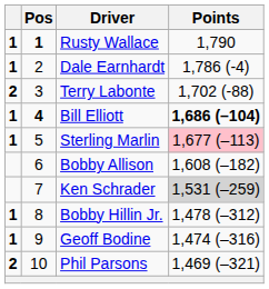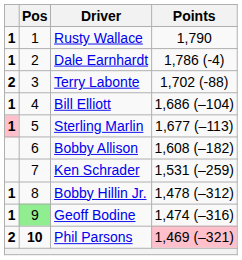 <table class="wikitable" style="font-size: 95%;">
 <tr>
 <th></th>
 <th>Pos</th>
 <th>Driver</th>
 <th>Points</th>
 </tr>
 <tr>
 <td align="left">  <strong>1</strong></td>
-<td style="text-align:center;"><strong>1</strong></td>
+<td style="text-align:center;">1</td>
 <td><a href='#'>Rusty Wallace</a></td>
 <td style="text-align:center;">1,790</td>
 </tr>
 <tr>
 <td align="left">  <strong>1</strong></td>
 <td style="text-align:center;">2</td>
 <td><a href='#'>Dale Earnhardt</a></td>
 <td style="text-align:center;">1,786 (-4)</td>
 </tr>
 <tr>
 <td align="left">  <strong>2</strong></td>
 <td style="text-align:center;">3</td>
 <td><a href='#'>Terry Labonte</a></td>
 <td style="text-align:center;">1,702 (-88)</td>
 </tr>
 <tr>
 <td align="left">  <strong>1</strong></td>
-<td style="text-align:center;"><strong>4</strong></td>
+<td style="text-align:center;">4</td>
 <td><a href='#'>Bill Elliott</a></td>
-<td style="text-align:center;"><strong>1,686 (–104)</strong></td>
+<td style="text-align:center;">1,686 (–104)</td>
 </tr>
 <tr>
-<td align="left">  <strong>1</strong></td>
+<td align="left" style="background: pink;">  <strong>1</strong></td>
 <td style="text-align:center;">5</td>
 <td><a href='#'>Sterling Marlin</a></td>
-<td style="background: pink; text-align:center;">1,677 (–113)</td>
+<td style="text-align:center;">1,677 (–113)</td>
 </tr>
 <tr>
 <td align="left"></td>
 <td style="text-align:center;">6</td>
 <td><a href='#'>Bobby Allison</a></td>
 <td style="text-align:center;">1,608 (–182)</td>
 </tr>
 <tr>
 <td align="left"></td>
 <td style="text-align:center;">7</td>
 <td><a href='#'>Ken Schrader</a></td>
-<td style="background: lightgrey; text-align:center;">1,531 (–259)</td>
+<td style="text-align:center;">1,531 (–259)</td>
 </tr>
 <tr>
 <td align="left">  <strong>1</strong></td>
 <td style="text-align:center;">8</td>
 <td><a href='#'>Bobby Hillin Jr.</a></td>
 <td style="text-align:center;">1,478 (–312)</td>
 </tr>
 <tr>
 <td align="left">  <strong>1</strong></td>
-<td style="text-align:center;">9</td>
+<td style="background: lightgreen; text-align:center;">9</td>
 <td><a href='#'>Geoff Bodine</a></td>
 <td style="text-align:center;">1,474 (–316)</td>
 </tr>
 <tr>
 <td align="left">  <strong>2</strong></td>
-<td style="text-align:center;">10</td>
+<td style="text-align:center;"><strong>10</strong></td>
 <td><a href='#'>Phil Parsons</a></td>
-<td style="text-align:center;">1,469 (–321)</td>
+<td style="background: pink; text-align:center;">1,469 (–321)</td>
 </tr>
 <tr class="sortbottom">
 <th colspan="9"></th>
 </tr>
 </table>
